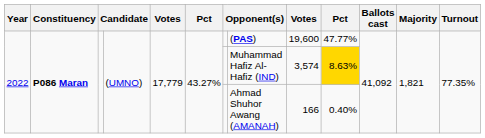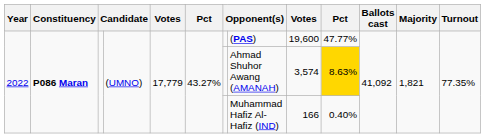 <table class="wikitable" style="margin:0.5em ; font-size:95%">
 <tr>
 <th>Year</th>
 <th>Constituency</th>
 <th colspan=2>Candidate</th>
 <th>Votes</th>
 <th>Pct</th>
 <th colspan=2>Opponent(s)</th>
 <th>Votes</th>
 <th>Pct</th>
 <th>Ballots cast</th>
 <th>Majority</th>
 <th>Turnout</th>
 </tr>
 <tr>
 <td rowspan="3"><a href='#'>2022</a></td>
 <td rowspan="3"><strong>P086 <a href='#'>Maran</a></strong></td>
 <td rowspan="3" ></td>
 <td rowspan="3"> (<a href='#'>UMNO</a>)</td>
 <td rowspan="3" align="right">17,779</td>
 <td rowspan="3">43.27%</td>
 <td bgcolor=></td>
 <td> (<a href='#'><strong>PAS</strong></a>)</td>
 <td align="right">19,600</td>
 <td>47.77%</td>
 <td rowspan="3">41,092</td>
 <td rowspan="3">1,821</td>
 <td rowspan="3">77.35%</td>
 </tr>
 <tr>
 <td></td>
-<td>Muhammad Hafiz Al-Hafiz (<a href='#'>IND</a>)</td>
+<td>Ahmad Shuhor Awang (<a href='#'>AMANAH</a>)</td>
 <td align="right">3,574</td>
 <td align="right" style="background: gold;">8.63%</td>
 </tr>
 <tr>
 <td></td>
-<td>Ahmad Shuhor Awang (<a href='#'>AMANAH</a>)</td>
+<td>Muhammad Hafiz Al-Hafiz (<a href='#'>IND</a>)</td>
 <td align="right">166</td>
 <td align="right">0.40%</td>
 </tr>
 </table>
